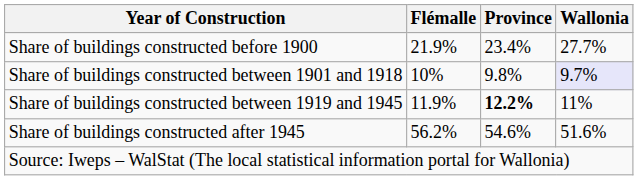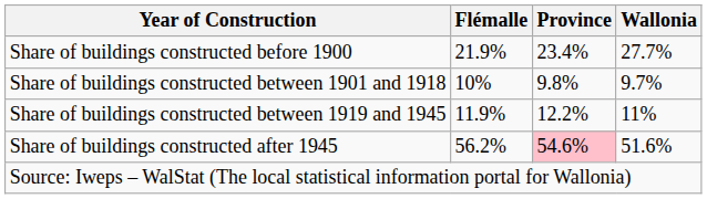 <table class="wikitable">
 <tr>
 <th>Year of Construction</th>
 <th>Flémalle</th>
 <th>Province</th>
 <th>Wallonia</th>
 </tr>
 <tr>
 <td>Share of buildings constructed before 1900</td>
 <td>21.9%</td>
 <td>23.4%</td>
 <td>27.7%</td>
 </tr>
 <tr>
 <td>Share of buildings constructed between 1901 and 1918</td>
 <td>10%</td>
 <td>9.8%</td>
-<td style="background: lavender;">9.7%</td>
+<td>9.7%</td>
 </tr>
 <tr>
 <td>Share of buildings constructed between 1919 and 1945</td>
 <td>11.9%</td>
-<td><strong>12.2%</strong></td>
+<td>12.2%</td>
 <td>11%</td>
 </tr>
 <tr>
 <td>Share of buildings constructed after 1945</td>
 <td>56.2%</td>
-<td>54.6%</td>
+<td style="background: pink;">54.6%</td>
 <td>51.6%</td>
 </tr>
 <tr>
 <td colspan="4">Source: Iweps – WalStat (The local statistical information portal for Wallonia)</td>
 </tr>
 </table>
